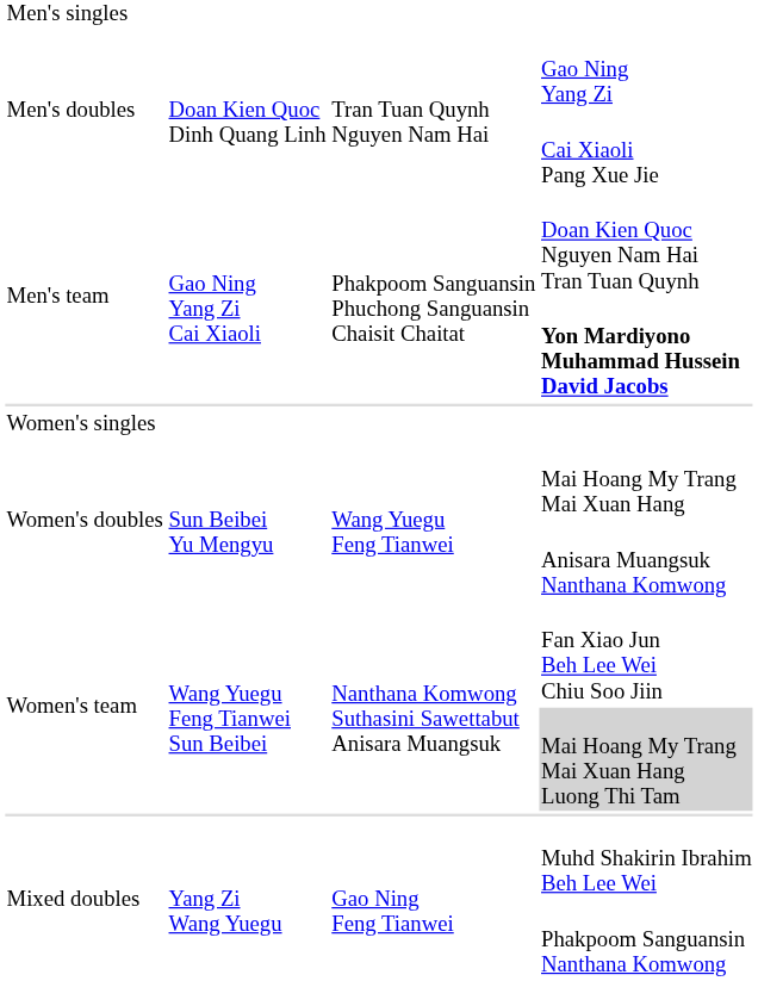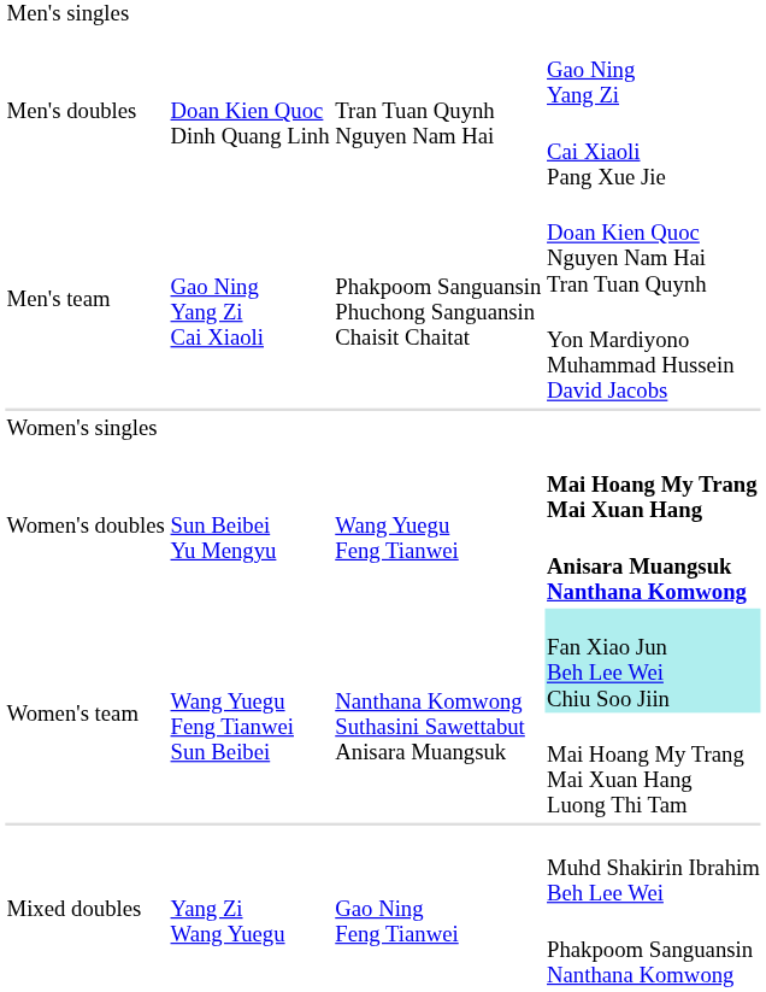 <table>
 <tr>
 <td rowspan=2>Men's singles<br></td>
 <td rowspan=2></td>
 <td rowspan=2></td>
 <td></td>
 </tr>
 <tr>
 <td></td>
 </tr>
 <tr>
 <td rowspan=2>Men's doubles<br></td>
 <td rowspan=2><br><a href='#'>Doan Kien Quoc</a><br>Dinh Quang Linh</td>
 <td rowspan=2><br>Tran Tuan Quynh<br>Nguyen Nam Hai</td>
 <td><br><a href='#'>Gao Ning</a><br><a href='#'>Yang Zi</a></td>
 </tr>
 <tr>
 <td><br><a href='#'>Cai Xiaoli</a><br>Pang Xue Jie</td>
 </tr>
 <tr>
 <td rowspan=2>Men's team<br></td>
 <td rowspan=2><br><a href='#'>Gao Ning</a><br><a href='#'>Yang Zi</a><br><a href='#'>Cai Xiaoli</a></td>
 <td rowspan=2><br>Phakpoom Sanguansin<br>Phuchong Sanguansin<br>Chaisit Chaitat</td>
 <td><br><a href='#'>Doan Kien Quoc</a><br>Nguyen Nam Hai<br>Tran Tuan Quynh</td>
 </tr>
 <tr>
-<td><strong><br>Yon Mardiyono<br>Muhammad Hussein<br><a href='#'>David Jacobs</a></strong></td>
+<td><br>Yon Mardiyono<br>Muhammad Hussein<br><a href='#'>David Jacobs</a></td>
 </tr>
 <tr>
 <td colspan="7" style="background-color:#dddddd;"></td>
 </tr>
 <tr>
 <td rowspan=2>Women's singles<br></td>
 <td rowspan=2></td>
 <td rowspan=2></td>
 <td></td>
 </tr>
 <tr>
 <td></td>
 </tr>
 <tr>
 <td rowspan=2>Women's doubles<br></td>
 <td rowspan=2><br><a href='#'>Sun Beibei</a><br><a href='#'>Yu Mengyu</a></td>
 <td rowspan=2><br><a href='#'>Wang Yuegu</a><br><a href='#'>Feng Tianwei</a></td>
-<td><br>Mai Hoang My Trang<br>Mai Xuan Hang</td>
+<td><strong><br>Mai Hoang My Trang<br>Mai Xuan Hang</strong></td>
 </tr>
 <tr>
-<td><br>Anisara Muangsuk<br><a href='#'>Nanthana Komwong</a></td>
+<td><strong><br>Anisara Muangsuk<br><a href='#'>Nanthana Komwong</a></strong></td>
 </tr>
 <tr>
 <td rowspan=2>Women's team<br></td>
 <td rowspan=2><br><a href='#'>Wang Yuegu</a><br><a href='#'>Feng Tianwei</a><br><a href='#'>Sun Beibei</a></td>
 <td rowspan=2><br><a href='#'>Nanthana Komwong</a><br><a href='#'>Suthasini Sawettabut</a><br>Anisara Muangsuk</td>
-<td><br>Fan Xiao Jun<br><a href='#'>Beh Lee Wei</a><br>Chiu Soo Jiin</td>
+<td style="background: paleturquoise;"><br>Fan Xiao Jun<br><a href='#'>Beh Lee Wei</a><br>Chiu Soo Jiin</td>
 </tr>
 <tr>
-<td style="background: lightgrey;"><br>Mai Hoang My Trang<br>Mai Xuan Hang<br>Luong Thi Tam</td>
+<td><br>Mai Hoang My Trang<br>Mai Xuan Hang<br>Luong Thi Tam</td>
 </tr>
 <tr>
 <td colspan="7" style="background-color:#dddddd;"></td>
 </tr>
 <tr>
 <td rowspan=2>Mixed doubles<br></td>
 <td rowspan=2><br><a href='#'>Yang Zi</a><br><a href='#'>Wang Yuegu</a></td>
 <td rowspan=2><br><a href='#'>Gao Ning</a><br><a href='#'>Feng Tianwei</a></td>
 <td><br>Muhd Shakirin Ibrahim<br><a href='#'>Beh Lee Wei</a></td>
 </tr>
 <tr>
 <td><br>Phakpoom Sanguansin<br><a href='#'>Nanthana Komwong</a></td>
 </tr>
 </table>
